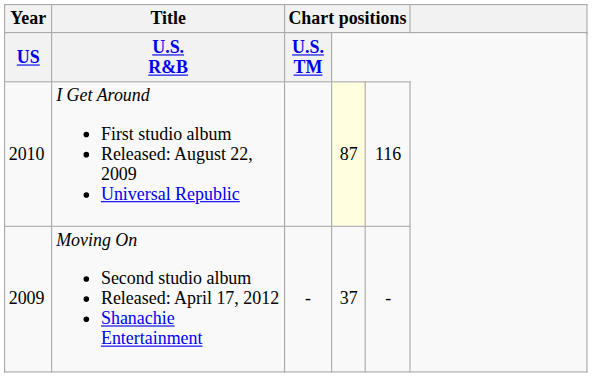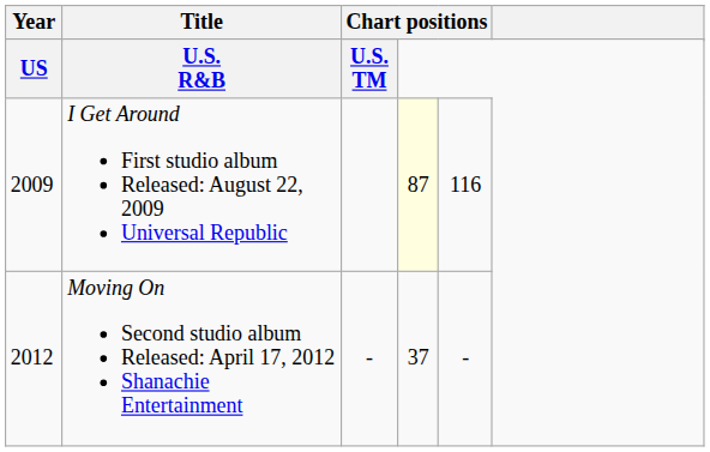 <table class="wikitable">
 <tr>
 <th rowspan="2">Year</th>
 <th rowspan="2" width="200">Title</th>
 <th colspan="3">Chart positions</th>
 <th rowspan="2" style="width:150px;"></th>
 </tr>
 <tr>
 </tr>
 <tr>
 <th width="35"><a href='#'>US</a></th>
 <th width="35"><a href='#'>U.S.<br>R&B</a></th>
 <th width="35"><a href='#'>U.S.<br>TM</a></th>
 </tr>
 <tr>
-<td>2010</td>
+<td>2009</td>
 <td><em>I Get Around</em><br><ul><li>First studio album</li><li>Released: August 22, 2009</li><li><a href='#'>Universal Republic</a></li></ul></td>
 <td align="center"></td>
 <td align="center" style="background: lightyellow;">87</td>
 <td align="center">116</td>
 </tr>
 <tr>
-<td>2009</td>
+<td>2012</td>
 <td><em>Moving On</em><br><ul><li>Second studio album</li><li>Released: April 17, 2012</li><li><a href='#'>Shanachie Entertainment</a></li></ul></td>
 <td align="center">-</td>
 <td align="center">37</td>
 <td align="center">-</td>
 </tr>
 </table>
